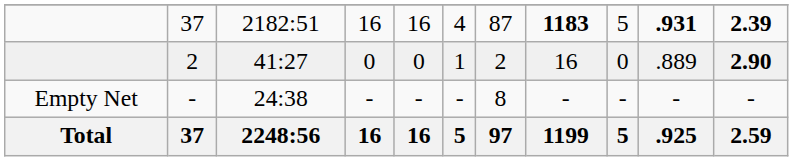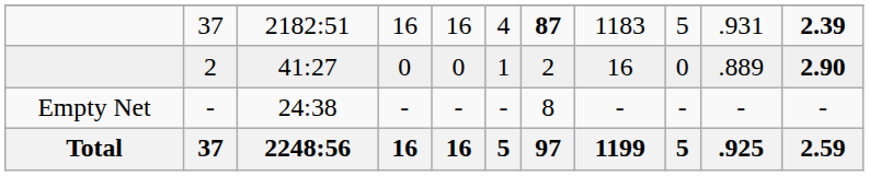 <table class="wikitable sortable" width=60%>
 <tr align="center">
 </tr>
 <tr align="center" bgcolor="">
 <td></td>
 <td>37</td>
 <td>2182:51</td>
 <td>16</td>
 <td>16</td>
 <td>4</td>
-<td>87</td>
-<td><strong>1183</strong></td>
+<td><strong>87</strong></td>
+<td>1183</td>
 <td>5</td>
-<td><strong>.931</strong></td>
+<td>.931</td>
 <td><strong>2.39</strong></td>
 </tr>
 <tr align="center" bgcolor="f0f0f0">
 <td></td>
 <td>2</td>
 <td>41:27</td>
 <td>0</td>
 <td>0</td>
 <td>1</td>
 <td>2</td>
 <td>16</td>
 <td>0</td>
 <td>.889</td>
 <td><strong>2.90</strong></td>
 </tr>
 <tr align="center" bgcolor="">
 <td>Empty Net</td>
 <td>-</td>
 <td>24:38</td>
 <td>-</td>
 <td>-</td>
 <td>-</td>
 <td>8</td>
 <td>-</td>
 <td>-</td>
 <td>-</td>
 <td>-</td>
 </tr>
 <tr>
 <th>Total</th>
 <th>37</th>
 <th>2248:56</th>
 <th>16</th>
 <th>16</th>
 <th>5</th>
 <th>97</th>
 <th>1199</th>
 <th>5</th>
 <th>.925</th>
 <th>2.59</th>
 </tr>
 </table>
